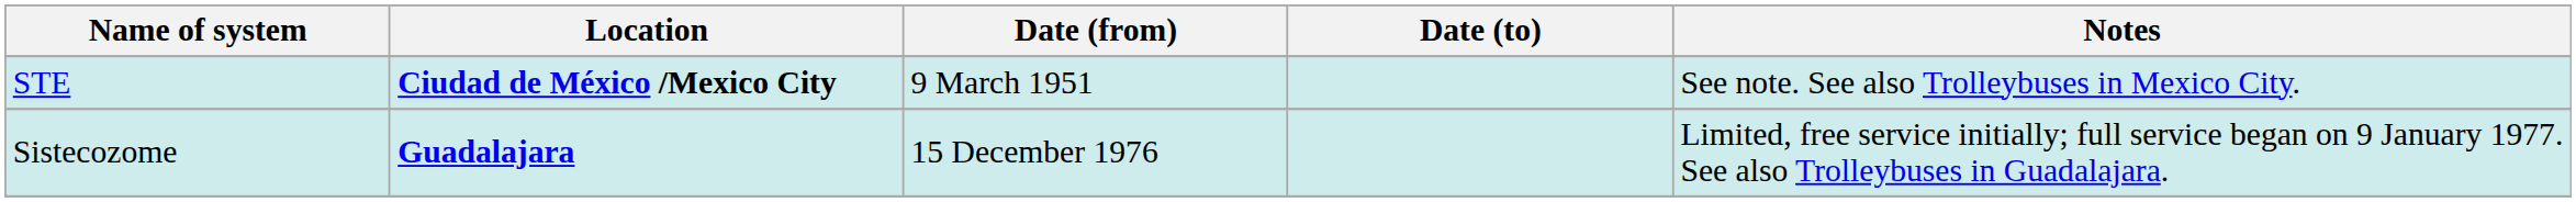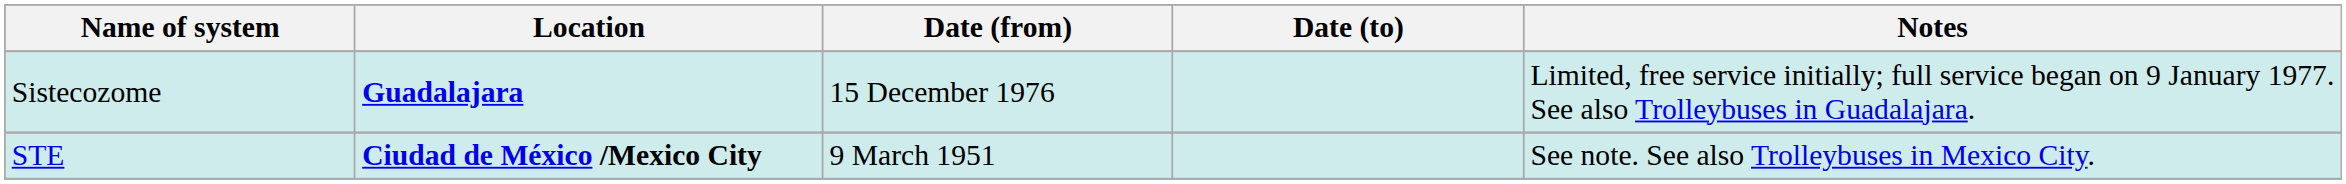 <table class="wikitable" width=100%>
 <tr>
 <th width=15%>Name of system</th>
 <th width=20%>Location</th>
 <th width=15%>Date (from)</th>
 <th width=15%>Date (to)</th>
 <th width=35%>Notes</th>
+</tr>
+<tr>
+</tr>
+<tr style="background:#CFECEC">
+<td>Sistecozome</td>
+<td><strong><a href='#'>Guadalajara</a></strong></td>
+<td>15 December 1976</td>
+<td> </td>
+<td>Limited, free service initially; full service began on 9 January 1977. See also <a href='#'>Trolleybuses in Guadalajara</a>.</td>
 </tr>
 <tr>
 </tr>
 <tr style="background:#CFECEC">
 <td><a href='#'>STE</a></td>
 <td><strong><a href='#'>Ciudad de México</a> /Mexico City</strong></td>
 <td>9 March 1951</td>
 <td> </td>
 <td>See note. See also <a href='#'>Trolleybuses in Mexico City</a>.</td>
 </tr>
 <tr>
 </tr>
-<tr style="background:#CFECEC">
-<td>Sistecozome</td>
-<td><strong><a href='#'>Guadalajara</a></strong></td>
-<td>15 December 1976</td>
-<td> </td>
-<td>Limited, free service initially; full service began on 9 January 1977. See also <a href='#'>Trolleybuses in Guadalajara</a>.</td>
-</tr>
-<tr>
-</tr>
 </table>
